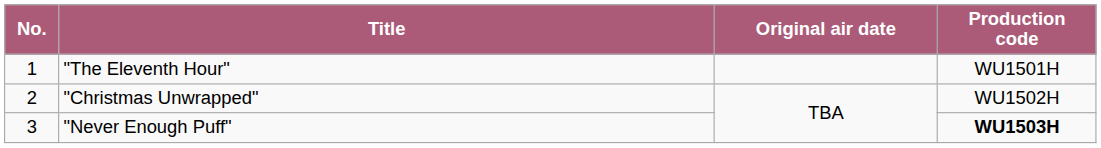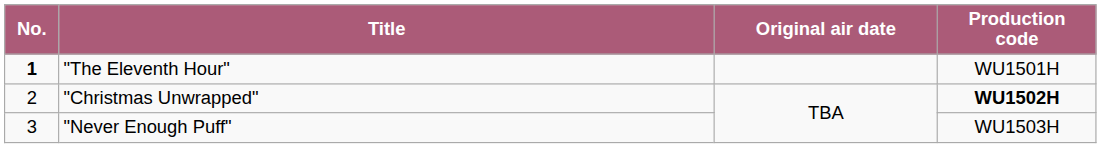 <table class="wikitable plainrowheaders" style="width:60%;">
 <tr>
 <th style="background-color: #ab5b78; color: #FFFFFF;" width=5%>No.</th>
 <th style="background-color: #ab5b78; color: #FFFFFF;" width=60%>Title</th>
 <th style="background-color: #ab5b78; color: #FFFFFF;">Original air date</th>
 <th style="background-color: #ab5b78; color: #FFFFFF;">Production<br>code</th>
 </tr>
 <tr>
-<td align=center>1</td>
+<td align=center><strong>1</strong></td>
 <td>"The Eleventh Hour"</td>
 <td align=center></td>
 <td align=center>WU1501H</td>
 </tr>
 <tr>
 <td align=center>2</td>
 <td>"Christmas Unwrapped"</td>
 <td align=center rowspan=2>TBA</td>
-<td align=center>WU1502H</td>
+<td align=center><strong>WU1502H</strong></td>
 </tr>
 <tr>
 <td align=center>3</td>
 <td>"Never Enough Puff"</td>
-<td align=center><strong>WU1503H</strong></td>
+<td align=center>WU1503H</td>
 </tr>
 </table>
